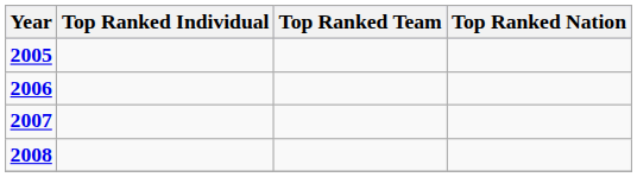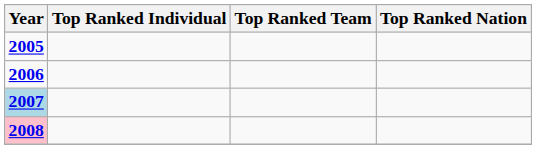 <table class="wikitable">
 <tr style="background:#ccccff;">
 <th>Year</th>
 <th>Top Ranked Individual</th>
 <th>Top Ranked Team</th>
 <th>Top Ranked Nation</th>
 </tr>
 <tr>
 <td><strong><a href='#'>2005</a></strong></td>
 <td align=left> <br> </td>
 <td align=center><strong></strong></td>
 <td align=center><strong></strong></td>
 </tr>
 <tr>
 <td><strong><a href='#'>2006</a></strong></td>
 <td align=left> <br> </td>
 <td align=center><strong></strong></td>
 <td align=center><strong></strong></td>
 </tr>
 <tr>
-<td><strong><a href='#'>2007</a></strong></td>
+<td style="background: lightblue;"><strong><a href='#'>2007</a></strong></td>
 <td align=left> <br> </td>
 <td align=center><strong></strong></td>
 <td align=center><strong></strong></td>
 </tr>
 <tr>
-<td><strong><a href='#'>2008</a></strong></td>
+<td style="background: pink;"><strong><a href='#'>2008</a></strong></td>
 <td align=left> <br> </td>
 <td align=center><strong></strong></td>
 <td align=center><strong></strong></td>
 </tr>
 <tr>
 </tr>
 </table>
